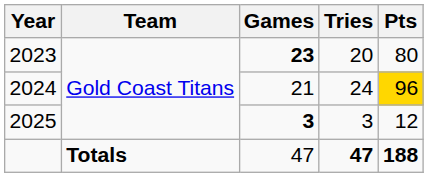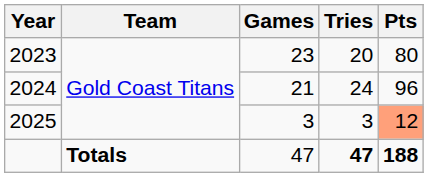 <table class="wikitable">
 <tr>
 <th>Year</th>
 <th>Team</th>
 <th>Games</th>
 <th>Tries</th>
 <th>Pts</th>
 </tr>
 <tr>
 <td align=center>2023</td>
 <td rowspan=3> <a href='#'>Gold Coast Titans</a></td>
-<td align=right><strong>23</strong></td>
+<td align=right>23</td>
 <td align=right>20</td>
 <td align=right>80</td>
 </tr>
 <tr>
 <td align=center>2024</td>
 <td align=right>21</td>
 <td align=right>24</td>
-<td align=right style="background: gold;">96</td>
+<td align=right>96</td>
 </tr>
 <tr>
 <td align=center>2025</td>
-<td align=right><strong>3</strong></td>
 <td align=right>3</td>
-<td align=right>12</td>
+<td align=right>3</td>
+<td align=right style="background: lightsalmon;">12</td>
 </tr>
 <tr>
 <td></td>
 <td align=left><strong>Totals</strong></td>
 <td align=right>47</td>
 <td align=right><strong>47</strong></td>
 <td align=right><strong>188</strong></td>
 </tr>
 </table>
